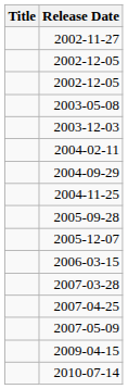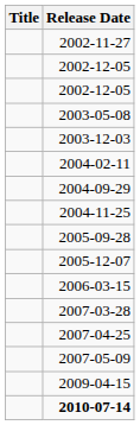 <table class="wikitable">
 <tr>
 <th>Title</th>
 <th>Release Date</th>
 </tr>
 <tr>
 <td></td>
 <td align="right">2002-11-27</td>
 </tr>
 <tr>
 <td></td>
 <td align="right">2002-12-05</td>
 </tr>
 <tr>
 <td></td>
 <td align="right">2002-12-05</td>
 </tr>
 <tr>
 <td></td>
 <td align="right">2003-05-08</td>
 </tr>
 <tr>
 <td></td>
 <td align="right">2003-12-03</td>
 </tr>
 <tr>
 <td></td>
 <td align="right">2004-02-11</td>
 </tr>
 <tr>
 <td></td>
 <td align="right">2004-09-29</td>
 </tr>
 <tr>
 <td></td>
 <td align="right">2004-11-25</td>
 </tr>
 <tr>
 <td></td>
 <td align="right">2005-09-28</td>
 </tr>
 <tr>
 <td></td>
 <td align="right">2005-12-07</td>
 </tr>
 <tr>
 <td></td>
 <td align="right">2006-03-15</td>
 </tr>
 <tr>
 <td></td>
 <td align="right">2007-03-28</td>
 </tr>
 <tr>
 <td></td>
 <td align="right">2007-04-25</td>
 </tr>
 <tr>
 <td></td>
 <td align="right">2007-05-09</td>
 </tr>
 <tr>
 <td></td>
 <td align="right">2009-04-15</td>
 </tr>
 <tr>
 <td></td>
-<td align="right">2010-07-14</td>
+<td align="right"><strong>2010-07-14</strong></td>
 </tr>
 </table>
